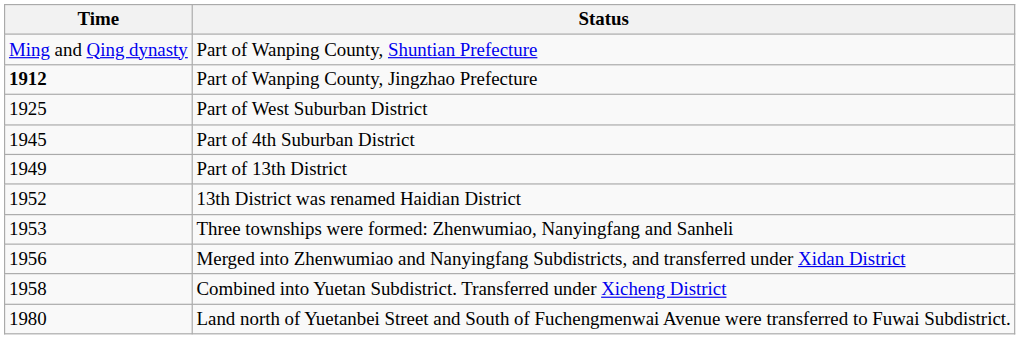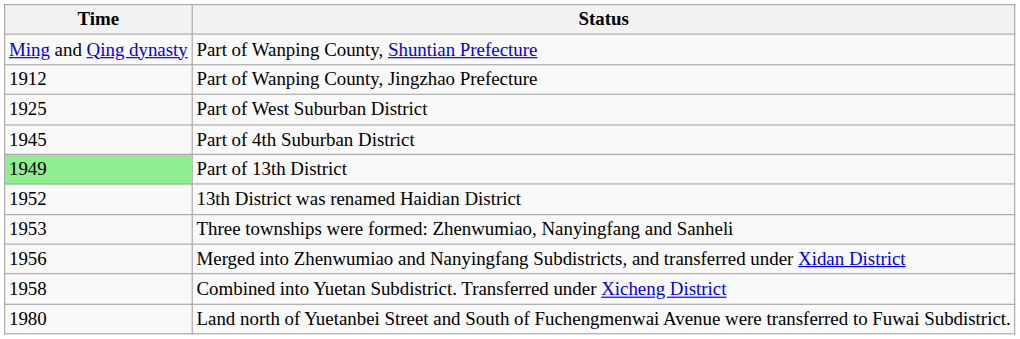 <table class="wikitable">
 <tr>
 <th>Time</th>
 <th>Status</th>
 </tr>
 <tr>
 <td><a href='#'>Ming</a> and <a href='#'>Qing dynasty</a></td>
 <td>Part of Wanping County, <a href='#'>Shuntian Prefecture</a></td>
 </tr>
 <tr>
-<td><strong>1912</strong></td>
+<td>1912</td>
 <td>Part of Wanping County, Jingzhao Prefecture</td>
 </tr>
 <tr>
 <td>1925</td>
 <td>Part of West Suburban District</td>
 </tr>
 <tr>
 <td>1945</td>
 <td>Part of 4th Suburban District</td>
 </tr>
 <tr>
-<td>1949</td>
+<td style="background: lightgreen;">1949</td>
 <td>Part of 13th District</td>
 </tr>
 <tr>
 <td>1952</td>
 <td>13th District was renamed Haidian District</td>
 </tr>
 <tr>
 <td>1953</td>
 <td>Three townships were formed: Zhenwumiao, Nanyingfang and Sanheli</td>
 </tr>
 <tr>
 <td>1956</td>
 <td>Merged into Zhenwumiao and Nanyingfang Subdistricts, and transferred under <a href='#'>Xidan District</a></td>
 </tr>
 <tr>
 <td>1958</td>
 <td>Combined into Yuetan Subdistrict. Transferred under <a href='#'>Xicheng District</a></td>
 </tr>
 <tr>
 <td>1980</td>
 <td>Land north of Yuetanbei Street and South of Fuchengmenwai Avenue were transferred to Fuwai Subdistrict.</td>
 </tr>
 </table>
